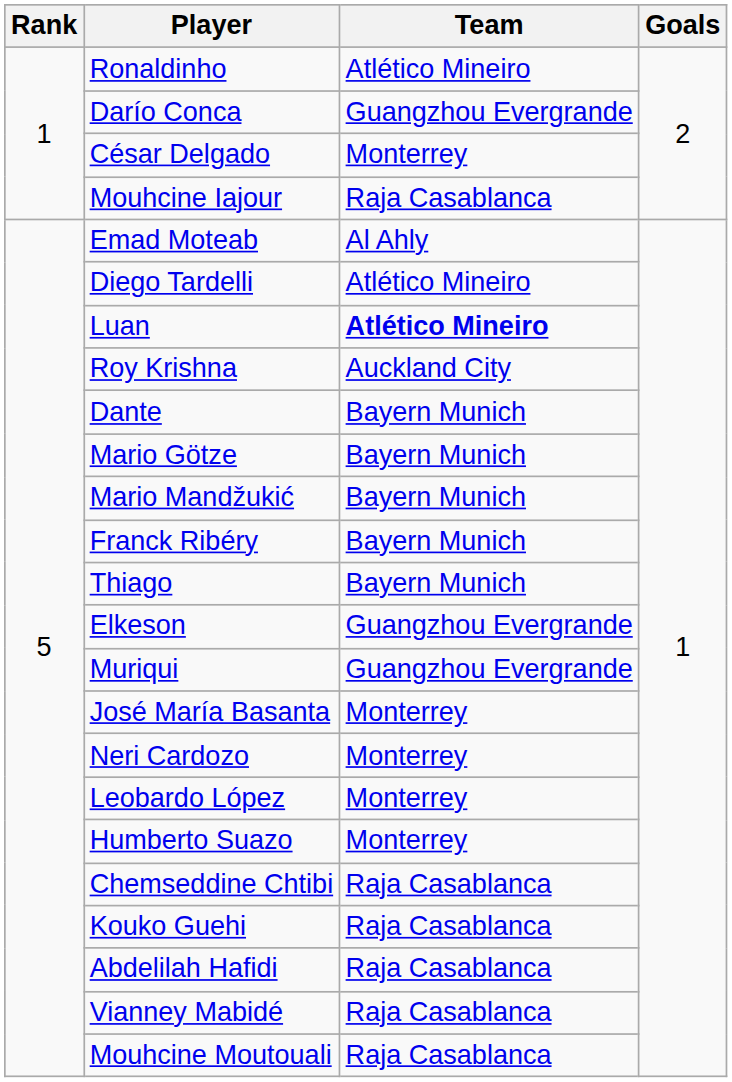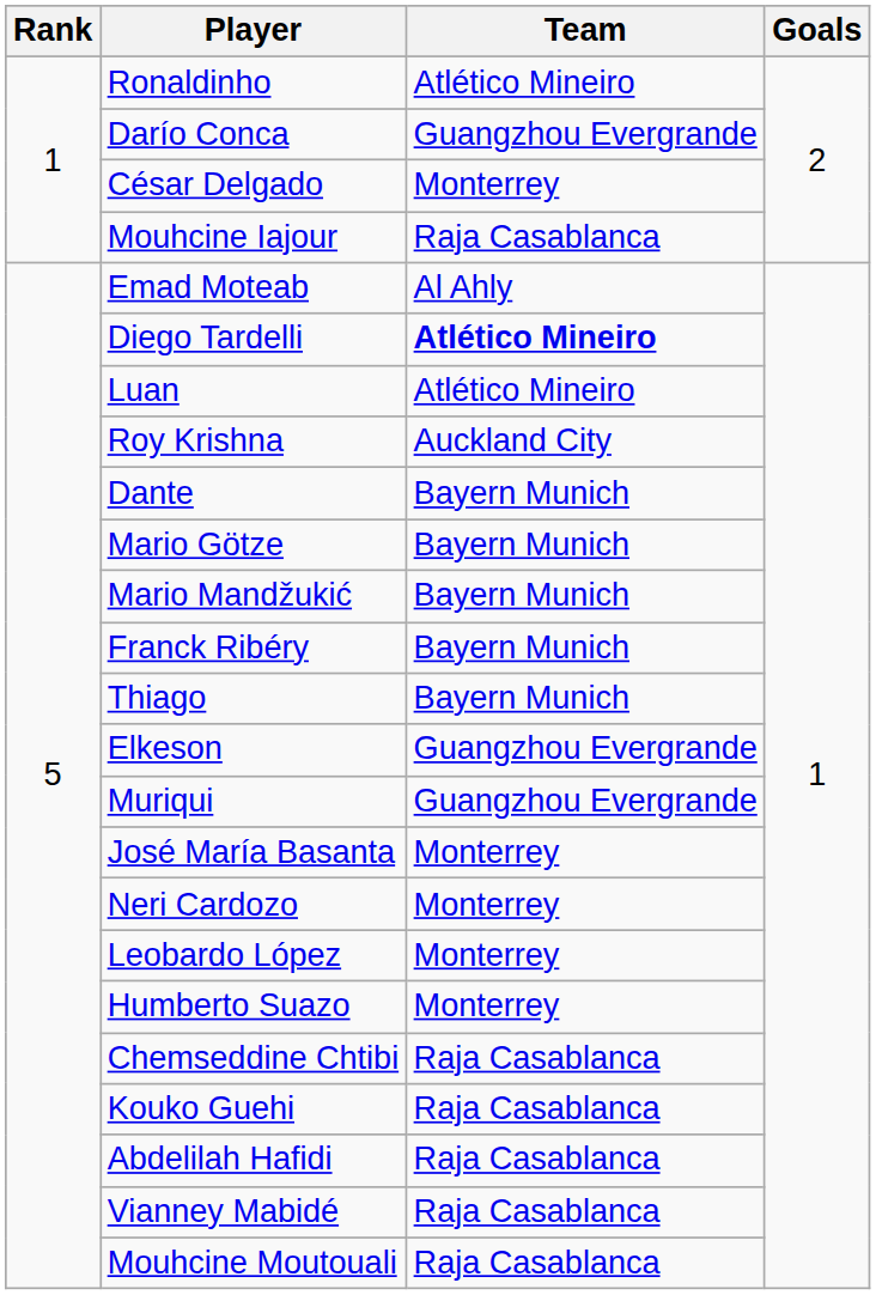 <table class="wikitable" style="text-align:center">
 <tr>
 <th>Rank</th>
 <th>Player</th>
 <th>Team</th>
 <th>Goals</th>
 </tr>
 <tr>
 <td rowspan=4>1</td>
 <td style="text-align:left"> <a href='#'>Ronaldinho</a></td>
 <td style="text-align:left"> <a href='#'>Atlético Mineiro</a></td>
 <td rowspan=4>2</td>
 </tr>
 <tr>
 <td style="text-align:left"> <a href='#'>Darío Conca</a></td>
 <td style="text-align:left"> <a href='#'>Guangzhou Evergrande</a></td>
 </tr>
 <tr>
 <td style="text-align:left"> <a href='#'>César Delgado</a></td>
 <td style="text-align:left"> <a href='#'>Monterrey</a></td>
 </tr>
 <tr>
 <td style="text-align:left"> <a href='#'>Mouhcine Iajour</a></td>
 <td style="text-align:left"> <a href='#'>Raja Casablanca</a></td>
 </tr>
 <tr>
 <td rowspan=20>5</td>
 <td style="text-align:left"> <a href='#'>Emad Moteab</a></td>
 <td style="text-align:left"> <a href='#'>Al Ahly</a></td>
 <td rowspan=20>1</td>
 </tr>
 <tr>
 <td style="text-align:left"> <a href='#'>Diego Tardelli</a></td>
-<td style="text-align:left"> <a href='#'>Atlético Mineiro</a></td>
+<td style="text-align:left"><strong> <a href='#'>Atlético Mineiro</a></strong></td>
 </tr>
 <tr>
 <td style="text-align:left"> <a href='#'>Luan</a></td>
-<td style="text-align:left"><strong> <a href='#'>Atlético Mineiro</a></strong></td>
+<td style="text-align:left"> <a href='#'>Atlético Mineiro</a></td>
 </tr>
 <tr>
 <td style="text-align:left"> <a href='#'>Roy Krishna</a></td>
 <td style="text-align:left"> <a href='#'>Auckland City</a></td>
 </tr>
 <tr>
 <td style="text-align:left"> <a href='#'>Dante</a></td>
 <td style="text-align:left"> <a href='#'>Bayern Munich</a></td>
 </tr>
 <tr>
 <td style="text-align:left"> <a href='#'>Mario Götze</a></td>
 <td style="text-align:left"> <a href='#'>Bayern Munich</a></td>
 </tr>
 <tr>
 <td style="text-align:left"> <a href='#'>Mario Mandžukić</a></td>
 <td style="text-align:left"> <a href='#'>Bayern Munich</a></td>
 </tr>
 <tr>
 <td style="text-align:left"> <a href='#'>Franck Ribéry</a></td>
 <td style="text-align:left"> <a href='#'>Bayern Munich</a></td>
 </tr>
 <tr>
 <td style="text-align:left"> <a href='#'>Thiago</a></td>
 <td style="text-align:left"> <a href='#'>Bayern Munich</a></td>
 </tr>
 <tr>
 <td style="text-align:left"> <a href='#'>Elkeson</a></td>
 <td style="text-align:left"> <a href='#'>Guangzhou Evergrande</a></td>
 </tr>
 <tr>
 <td style="text-align:left"> <a href='#'>Muriqui</a></td>
 <td style="text-align:left"> <a href='#'>Guangzhou Evergrande</a></td>
 </tr>
 <tr>
 <td style="text-align:left"> <a href='#'>José María Basanta</a></td>
 <td style="text-align:left"> <a href='#'>Monterrey</a></td>
 </tr>
 <tr>
 <td style="text-align:left"> <a href='#'>Neri Cardozo</a></td>
 <td style="text-align:left"> <a href='#'>Monterrey</a></td>
 </tr>
 <tr>
 <td style="text-align:left"> <a href='#'>Leobardo López</a></td>
 <td style="text-align:left"> <a href='#'>Monterrey</a></td>
 </tr>
 <tr>
 <td style="text-align:left"> <a href='#'>Humberto Suazo</a></td>
 <td style="text-align:left"> <a href='#'>Monterrey</a></td>
 </tr>
 <tr>
 <td style="text-align:left"> <a href='#'>Chemseddine Chtibi</a></td>
 <td style="text-align:left"> <a href='#'>Raja Casablanca</a></td>
 </tr>
 <tr>
 <td style="text-align:left"> <a href='#'>Kouko Guehi</a></td>
 <td style="text-align:left"> <a href='#'>Raja Casablanca</a></td>
 </tr>
 <tr>
 <td style="text-align:left"> <a href='#'>Abdelilah Hafidi</a></td>
 <td style="text-align:left"> <a href='#'>Raja Casablanca</a></td>
 </tr>
 <tr>
 <td style="text-align:left"> <a href='#'>Vianney Mabidé</a></td>
 <td style="text-align:left"> <a href='#'>Raja Casablanca</a></td>
 </tr>
 <tr>
 <td style="text-align:left"> <a href='#'>Mouhcine Moutouali</a></td>
 <td style="text-align:left"> <a href='#'>Raja Casablanca</a></td>
 </tr>
 </table>
